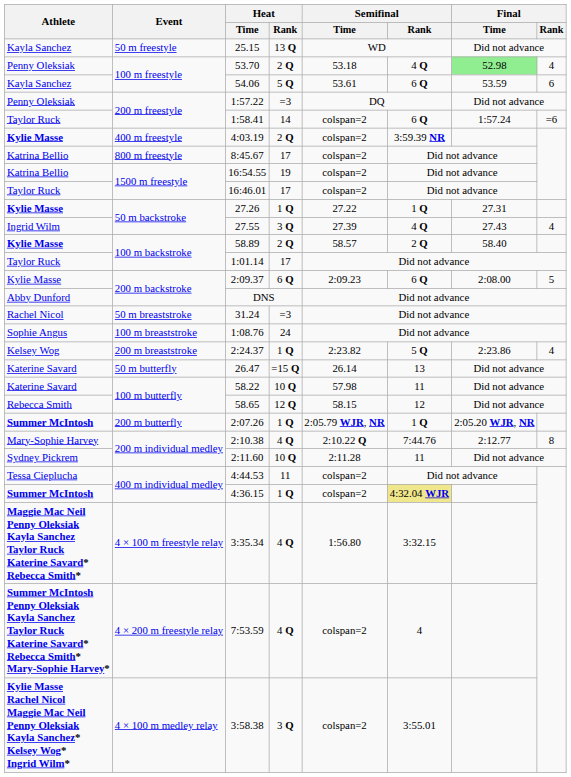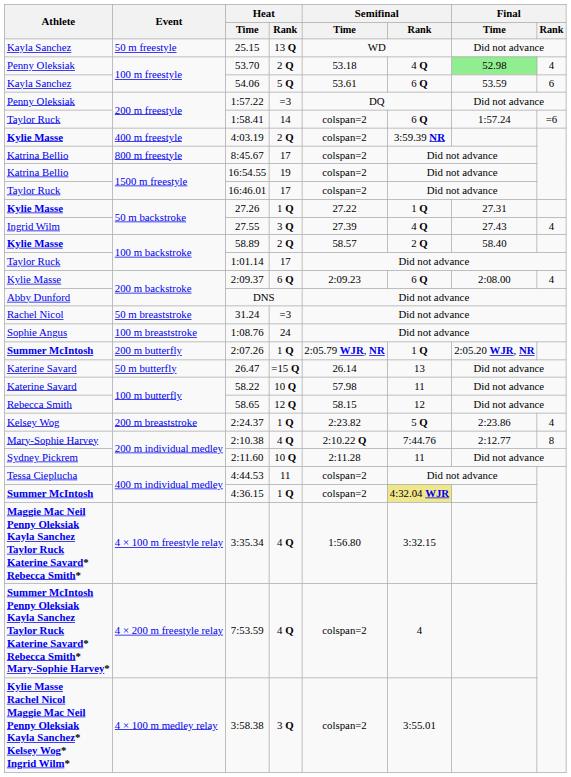 <table class=wikitable style="font-size:90%">
 <tr>
 <th rowspan="2">Athlete</th>
 <th rowspan="2">Event</th>
 <th colspan="2">Heat</th>
 <th colspan="2">Semifinal</th>
 <th colspan="2">Final</th>
 </tr>
 <tr style="font-size:95%">
 <th>Time</th>
 <th>Rank</th>
 <th>Time</th>
 <th>Rank</th>
 <th>Time</th>
 <th>Rank</th>
 </tr>
 <tr align=center>
 <td align=left><a href='#'>Kayla Sanchez</a></td>
 <td align=left><a href='#'>50 m freestyle</a></td>
 <td>25.15</td>
 <td>13 <strong>Q</strong></td>
 <td colspan=2>WD</td>
 <td colspan=2>Did not advance</td>
 </tr>
 <tr align=center>
 <td align=left><a href='#'>Penny Oleksiak</a></td>
 <td align=left rowspan=2><a href='#'>100 m freestyle</a></td>
 <td>53.70</td>
 <td>2 <strong>Q</strong></td>
 <td>53.18</td>
 <td>4 <strong>Q</strong></td>
 <td style="background: lightgreen;">52.98</td>
 <td>4</td>
 </tr>
 <tr align=center>
 <td align=left><a href='#'>Kayla Sanchez</a></td>
 <td>54.06</td>
 <td>5 <strong>Q</strong></td>
 <td>53.61</td>
 <td>6 <strong>Q</strong></td>
 <td>53.59</td>
 <td>6</td>
 </tr>
 <tr align=center>
 <td align=left><a href='#'>Penny Oleksiak</a></td>
 <td align=left rowspan=2><a href='#'>200 m freestyle</a></td>
 <td>1:57.22</td>
 <td>=3</td>
 <td colspan=2>DQ</td>
 <td colspan=2>Did not advance</td>
 </tr>
 <tr align=center>
 <td align=left><a href='#'>Taylor Ruck</a></td>
 <td>1:58.41</td>
 <td>14</td>
 <td>colspan=2 </td>
 <td>6 <strong>Q</strong></td>
 <td>1:57.24</td>
 <td>=6</td>
 </tr>
 <tr align=center>
 <td align=left><strong><a href='#'>Kylie Masse</a></strong></td>
 <td align=left><a href='#'>400 m freestyle</a></td>
 <td>4:03.19</td>
 <td>2 <strong>Q</strong></td>
 <td>colspan=2 </td>
 <td>3:59.39 <strong><a href='#'>NR</a></strong></td>
 <td></td>
 </tr>
 <tr align=center>
 <td align=left><a href='#'>Katrina Bellio</a></td>
 <td align=left><a href='#'>800 m freestyle</a></td>
 <td>8:45.67</td>
 <td>17</td>
 <td>colspan=2 </td>
 <td colspan=2>Did not advance</td>
 </tr>
 <tr align=center>
 <td align=left><a href='#'>Katrina Bellio</a></td>
 <td align=left rowspan=2><a href='#'>1500 m freestyle</a></td>
 <td>16:54.55</td>
 <td>19</td>
 <td>colspan=2 </td>
 <td colspan=2>Did not advance</td>
 </tr>
 <tr align=center>
 <td align=left><a href='#'>Taylor Ruck</a></td>
 <td>16:46.01</td>
 <td>17</td>
 <td>colspan=2 </td>
 <td colspan=2>Did not advance</td>
 </tr>
 <tr align=center>
 <td align=left><strong><a href='#'>Kylie Masse</a></strong></td>
 <td align=left rowspan=2><a href='#'>50 m backstroke</a></td>
 <td>27.26</td>
 <td>1 <strong>Q</strong></td>
 <td>27.22</td>
 <td>1 <strong>Q</strong></td>
 <td>27.31</td>
 <td></td>
 </tr>
 <tr align=center>
 <td align=left><a href='#'>Ingrid Wilm</a></td>
 <td>27.55</td>
 <td>3 <strong>Q</strong></td>
 <td>27.39</td>
 <td>4 <strong>Q</strong></td>
 <td>27.43</td>
 <td>4</td>
 </tr>
 <tr align=center>
 <td align=left><strong><a href='#'>Kylie Masse</a></strong></td>
 <td align=left rowspan=2><a href='#'>100 m backstroke</a></td>
 <td>58.89</td>
 <td>2 <strong>Q</strong></td>
 <td>58.57</td>
 <td>2 <strong>Q</strong></td>
 <td>58.40</td>
 <td></td>
 </tr>
 <tr align=center>
 <td align=left><a href='#'>Taylor Ruck</a></td>
 <td>1:01.14</td>
 <td>17</td>
 <td colspan=4>Did not advance</td>
 </tr>
 <tr align=center>
 <td align=left><a href='#'>Kylie Masse</a></td>
 <td align=left rowspan=2><a href='#'>200 m backstroke</a></td>
 <td>2:09.37</td>
 <td>6 <strong>Q</strong></td>
 <td>2:09.23</td>
 <td>6 <strong>Q</strong></td>
 <td>2:08.00</td>
-<td>5</td>
+<td>4</td>
 </tr>
 <tr align=center>
 <td align=left><a href='#'>Abby Dunford</a></td>
 <td colspan=2>DNS</td>
 <td colspan=4>Did not advance</td>
 </tr>
 <tr align=center>
 <td align=left><a href='#'>Rachel Nicol</a></td>
 <td align=left><a href='#'>50 m breaststroke</a></td>
 <td>31.24</td>
 <td>=3</td>
 <td colspan=4>Did not advance</td>
 </tr>
 <tr align=center>
 <td align=left><a href='#'>Sophie Angus</a></td>
 <td align=left><a href='#'>100 m breaststroke</a></td>
 <td>1:08.76</td>
 <td>24</td>
 <td colspan=4>Did not advance</td>
 </tr>
 <tr align=center>
-<td align=left><a href='#'>Kelsey Wog</a></td>
-<td align=left><a href='#'>200 m breaststroke</a></td>
-<td>2:24.37</td>
+<td align=left><strong><a href='#'>Summer McIntosh</a></strong></td>
+<td align=left><a href='#'>200 m butterfly</a></td>
+<td>2:07.26</td>
 <td>1 <strong>Q</strong></td>
-<td>2:23.82</td>
-<td>5 <strong>Q</strong></td>
-<td>2:23.86</td>
-<td>4</td>
+<td>2:05.79 <strong><a href='#'>WJR</a></strong>, <strong><a href='#'>NR</a></strong></td>
+<td>1 <strong>Q</strong></td>
+<td>2:05.20 <strong><a href='#'>WJR</a></strong>, <strong><a href='#'>NR</a></strong></td>
+<td></td>
 </tr>
 <tr align=center>
 <td align=left><a href='#'>Katerine Savard</a></td>
 <td align=left><a href='#'>50 m butterfly</a></td>
 <td>26.47</td>
 <td>=15 <strong>Q</strong></td>
 <td>26.14</td>
 <td>13</td>
 <td colspan=2>Did not advance</td>
 </tr>
 <tr align=center>
 <td align=left><a href='#'>Katerine Savard</a></td>
 <td align=left rowspan=2><a href='#'>100 m butterfly</a></td>
 <td>58.22</td>
 <td>10 <strong>Q</strong></td>
 <td>57.98</td>
 <td>11</td>
 <td colspan=2>Did not advance</td>
 </tr>
 <tr align=center>
 <td align=left><a href='#'>Rebecca Smith</a></td>
 <td>58.65</td>
 <td>12 <strong>Q</strong></td>
 <td>58.15</td>
 <td>12</td>
 <td colspan=2>Did not advance</td>
 </tr>
 <tr align=center>
-<td align=left><strong><a href='#'>Summer McIntosh</a></strong></td>
-<td align=left><a href='#'>200 m butterfly</a></td>
-<td>2:07.26</td>
+<td align=left><a href='#'>Kelsey Wog</a></td>
+<td align=left><a href='#'>200 m breaststroke</a></td>
+<td>2:24.37</td>
 <td>1 <strong>Q</strong></td>
-<td>2:05.79 <strong><a href='#'>WJR</a></strong>, <strong><a href='#'>NR</a></strong></td>
-<td>1 <strong>Q</strong></td>
-<td>2:05.20 <strong><a href='#'>WJR</a></strong>, <strong><a href='#'>NR</a></strong></td>
-<td></td>
+<td>2:23.82</td>
+<td>5 <strong>Q</strong></td>
+<td>2:23.86</td>
+<td>4</td>
 </tr>
 <tr align=center>
 <td align=left><a href='#'>Mary-Sophie Harvey</a></td>
 <td align=left rowspan=2><a href='#'>200 m individual medley</a></td>
 <td>2:10.38</td>
 <td>4 <strong>Q</strong></td>
 <td>2:10.22 <strong>Q</strong></td>
 <td>7:44.76</td>
 <td>2:12.77</td>
 <td>8</td>
 </tr>
 <tr align=center>
 <td align=left><a href='#'>Sydney Pickrem</a></td>
 <td>2:11.60</td>
 <td>10 <strong>Q</strong></td>
 <td>2:11.28</td>
 <td>11</td>
 <td colspan=2>Did not advance</td>
 </tr>
 <tr align=center>
 <td align=left><a href='#'>Tessa Cieplucha</a></td>
 <td align=left rowspan=2><a href='#'>400 m individual medley</a></td>
 <td>4:44.53</td>
 <td>11</td>
 <td>colspan=2 </td>
 <td colspan=2>Did not advance</td>
 </tr>
 <tr align=center>
 <td align=left><strong><a href='#'>Summer McIntosh</a></strong></td>
 <td>4:36.15</td>
 <td>1 <strong>Q</strong></td>
 <td>colspan=2 </td>
 <td style="background: khaki;">4:32.04 <strong><a href='#'>WJR</a></strong></td>
 <td></td>
 </tr>
 <tr align=center>
 <td align=left><strong><a href='#'>Maggie Mac Neil</a><br><a href='#'>Penny Oleksiak</a><br><a href='#'>Kayla Sanchez</a><br><a href='#'>Taylor Ruck</a><br><a href='#'>Katerine Savard</a>*<br><a href='#'>Rebecca Smith</a>*</strong></td>
 <td align=left><a href='#'>4 × 100 m freestyle relay</a></td>
 <td>3:35.34</td>
 <td>4 <strong>Q</strong></td>
 <td>1:56.80</td>
 <td>3:32.15</td>
 <td></td>
 </tr>
 <tr align=center>
 <td align=left><strong><a href='#'>Summer McIntosh</a><br><a href='#'>Penny Oleksiak</a><br><a href='#'>Kayla Sanchez</a><br><a href='#'>Taylor Ruck</a><br><a href='#'>Katerine Savard</a>*<br><a href='#'>Rebecca Smith</a>*<br><a href='#'>Mary-Sophie Harvey</a>*</strong></td>
 <td align=left><a href='#'>4 × 200 m freestyle relay</a></td>
 <td>7:53.59</td>
 <td>4 <strong>Q</strong></td>
 <td>colspan=2 </td>
 <td>4</td>
 <td></td>
 </tr>
 <tr align=center>
 <td align=left><strong><a href='#'>Kylie Masse</a><br><a href='#'>Rachel Nicol</a><br><a href='#'>Maggie Mac Neil</a><br><a href='#'>Penny Oleksiak</a><br><a href='#'>Kayla Sanchez</a>*<br><a href='#'>Kelsey Wog</a>*<br><a href='#'>Ingrid Wilm</a>*</strong></td>
 <td align=left><a href='#'>4 × 100 m medley relay</a></td>
 <td>3:58.38</td>
 <td>3 <strong>Q</strong></td>
 <td>colspan=2 </td>
 <td>3:55.01</td>
 <td></td>
 </tr>
 </table>
